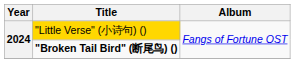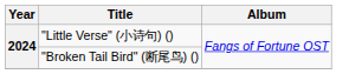 <table class="wikitable plainrowheaders">
 <tr>
 <th rowspan="1" scope="col">Year</th>
 <th rowspan="1" scope="col">Title</th>
 <th rowspan="1" scope="col">Album</th>
 </tr>
 <tr>
 <th scope="row" rowspan="2">2024</th>
-<td style="background: gold;">"Little Verse" (小诗句) ()</td>
+<td>"Little Verse" (小诗句) ()</td>
 <td rowspan="2"><em><a href='#'>Fangs of Fortune OST</a></em></td>
 </tr>
 <tr>
-<td><strong>"Broken Tail Bird" (断尾鸟) ()</strong></td>
+<td>"Broken Tail Bird" (断尾鸟) ()</td>
 </tr>
 <tr>
 </tr>
 </table>
